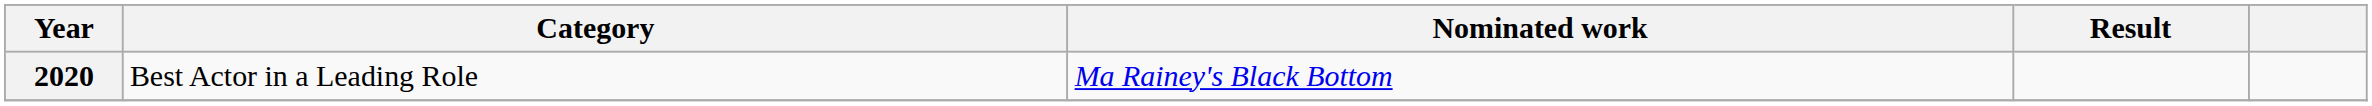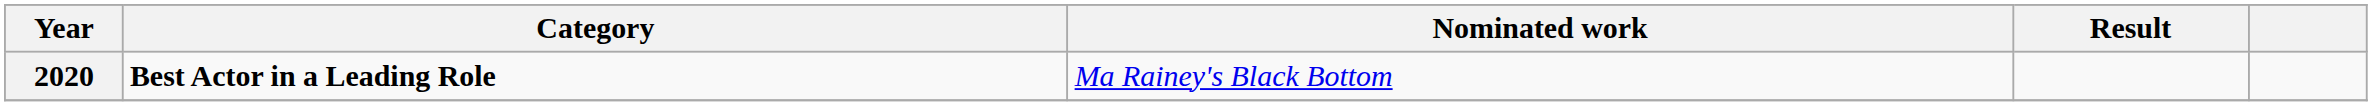 <table class="wikitable plainrowheaders" style="width:100%;">
 <tr>
 <th scope="col" style="width:5%;">Year</th>
 <th scope="col" style="width:40%;">Category</th>
 <th scope="col" style="width:40%;">Nominated work</th>
 <th scope="col" style="width:10%;">Result</th>
 <th scope="col" style="width:5%;"></th>
 </tr>
 <tr>
 <th scope="row" style="text-align:center;">2020</th>
-<td>Best Actor in a Leading Role</td>
+<td><strong>Best Actor in a Leading Role</strong></td>
 <td><em><a href='#'>Ma Rainey's Black Bottom</a></em></td>
 <td></td>
 <td style="text-align:center;"></td>
 </tr>
 <tr>
 </tr>
 </table>
